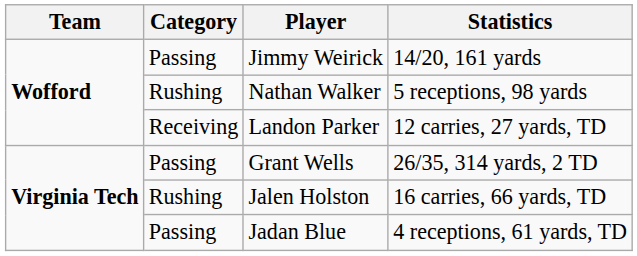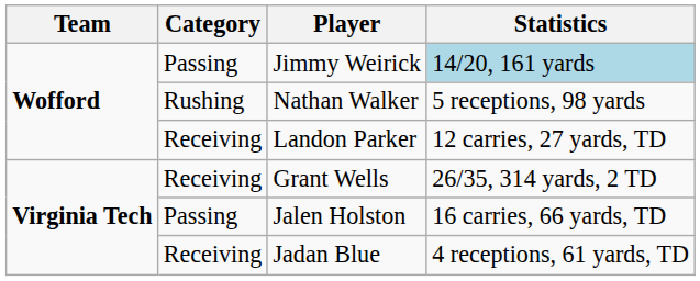 <table class="wikitable" style="float: right;">
 <tr>
 <th>Team</th>
 <th>Category</th>
 <th>Player</th>
 <th>Statistics</th>
 </tr>
 <tr>
 <td rowspan=3><strong>Wofford</strong></td>
 <td>Passing</td>
 <td>Jimmy Weirick</td>
-<td>14/20, 161 yards</td>
+<td style="background: lightblue;">14/20, 161 yards</td>
 </tr>
 <tr>
 <td>Rushing</td>
 <td>Nathan Walker</td>
 <td>5 receptions, 98 yards</td>
 </tr>
 <tr>
 <td>Receiving</td>
 <td>Landon Parker</td>
 <td>12 carries, 27 yards, TD</td>
 </tr>
 <tr>
 <td rowspan=3><strong>Virginia Tech</strong></td>
-<td>Passing</td>
+<td>Receiving</td>
 <td>Grant Wells</td>
 <td>26/35, 314 yards, 2 TD</td>
 </tr>
 <tr>
-<td>Rushing</td>
+<td>Passing</td>
 <td>Jalen Holston</td>
 <td>16 carries, 66 yards, TD</td>
 </tr>
 <tr>
-<td>Passing</td>
+<td>Receiving</td>
 <td>Jadan Blue</td>
 <td>4 receptions, 61 yards, TD</td>
 </tr>
 </table>
